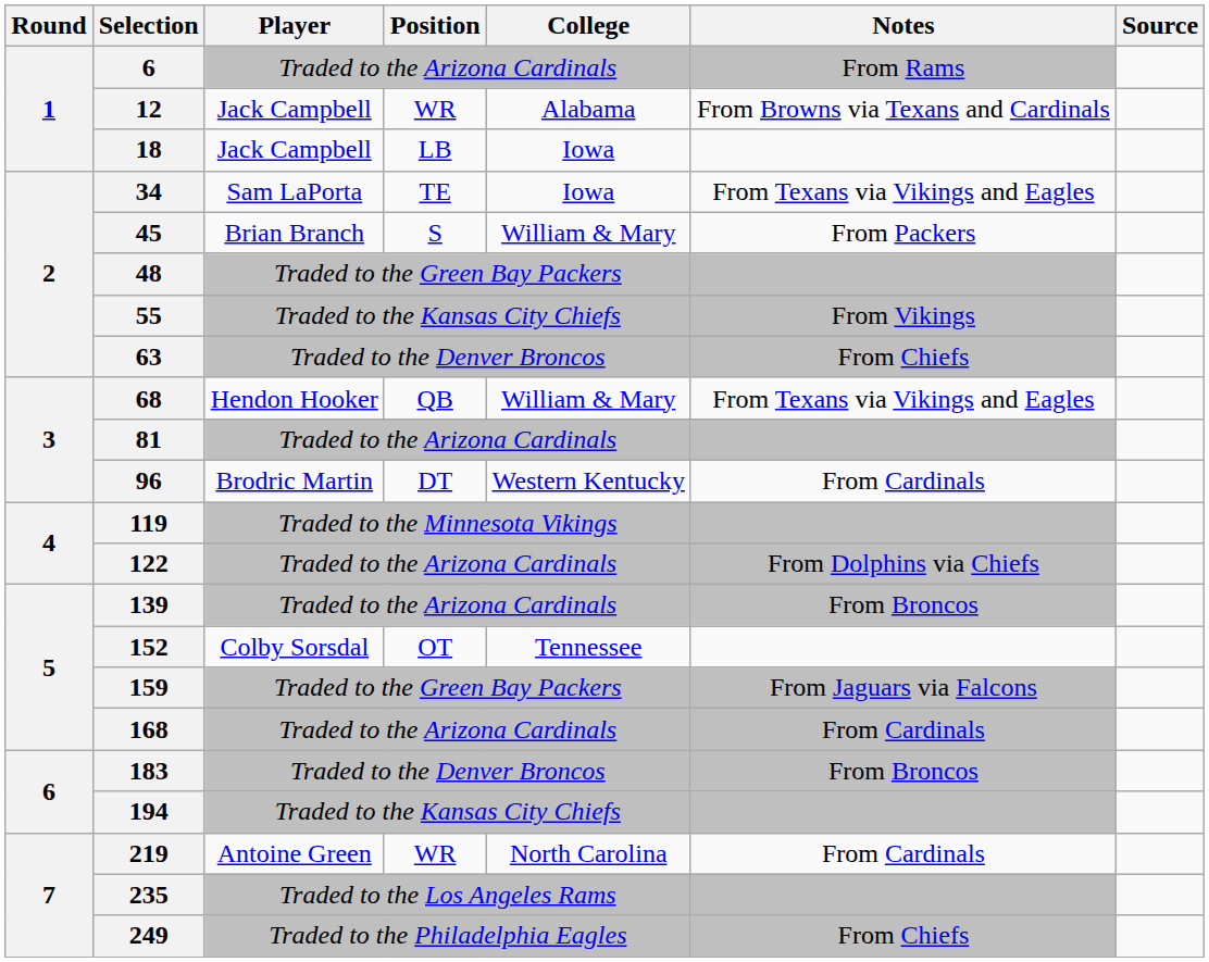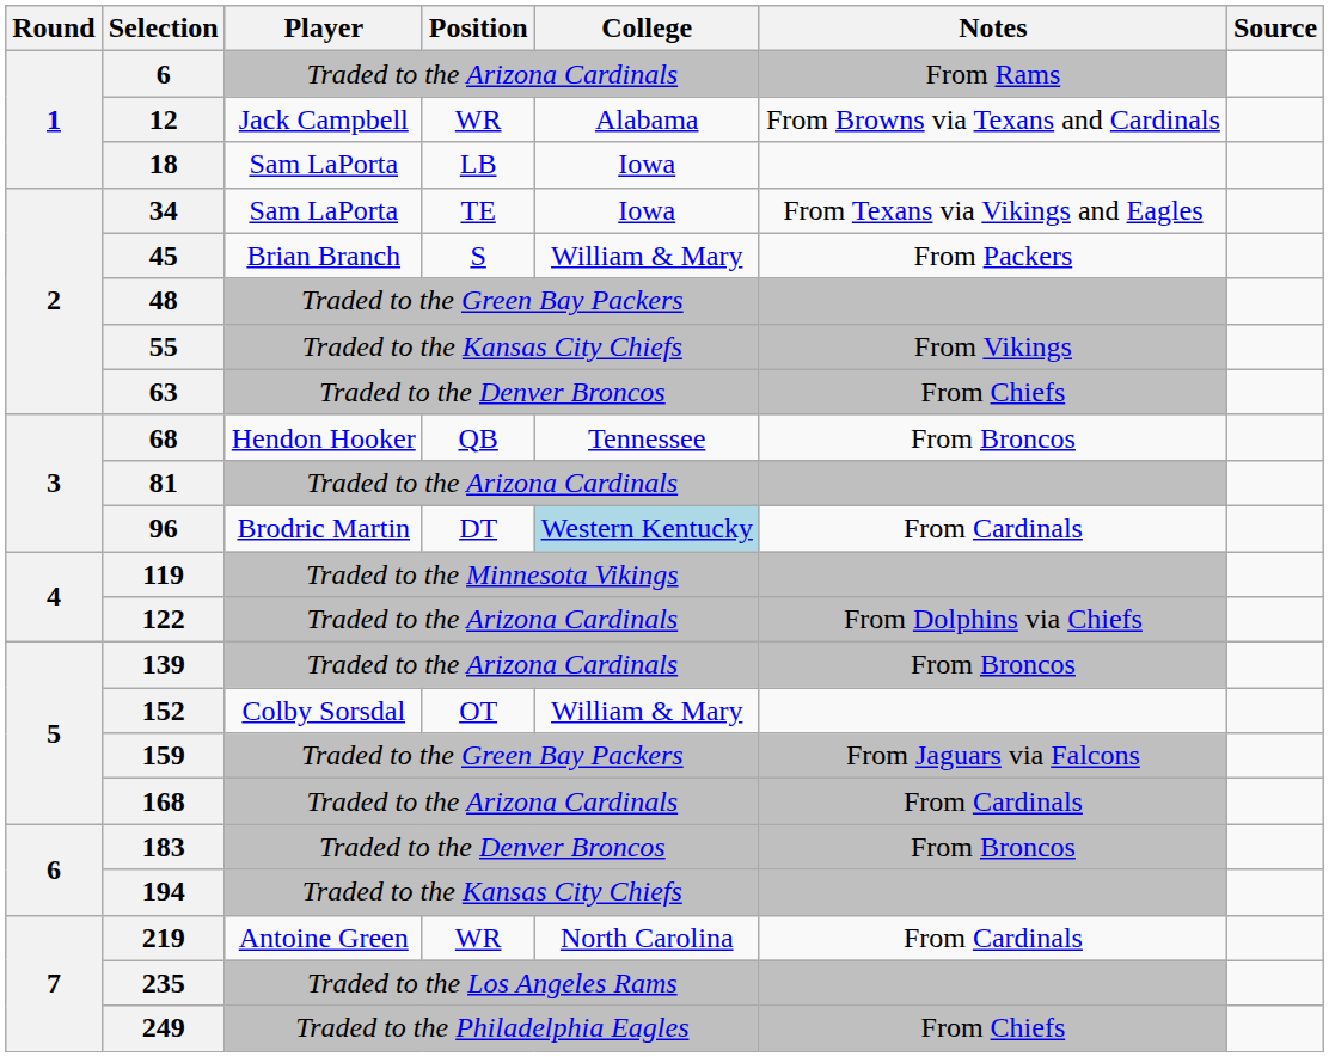 <table class="wikitable" style="text-align:center">
 <tr>
 <th>Round</th>
 <th>Selection</th>
 <th>Player</th>
 <th>Position</th>
 <th>College</th>
 <th>Notes</th>
 <th>Source</th>
 </tr>
 <tr>
 <th rowspan="3"><a href='#'>1</a></th>
 <th>6</th>
 <td colspan="3" style="background:#BFBFBF"><em>Traded to the <a href='#'>Arizona Cardinals</a></em></td>
 <td style="background:#BFBFBF">From <a href='#'>Rams</a></td>
 <td></td>
 </tr>
 <tr>
 <th>12</th>
 <td><a href='#'>Jack Campbell</a></td>
 <td><a href='#'>WR</a></td>
 <td><a href='#'>Alabama</a></td>
 <td>From <a href='#'>Browns</a> via <a href='#'>Texans</a> and <a href='#'>Cardinals</a></td>
 <td></td>
 </tr>
 <tr>
 <th>18</th>
-<td><a href='#'>Jack Campbell</a></td>
+<td><a href='#'>Sam LaPorta</a></td>
 <td><a href='#'>LB</a></td>
 <td><a href='#'>Iowa</a></td>
 <td></td>
 <td></td>
 </tr>
 <tr>
 <th rowspan="5">2</th>
 <th>34</th>
 <td><a href='#'>Sam LaPorta</a></td>
 <td><a href='#'>TE</a></td>
 <td><a href='#'>Iowa</a></td>
 <td>From <a href='#'>Texans</a> via <a href='#'>Vikings</a> and <a href='#'>Eagles</a></td>
 <td></td>
 </tr>
 <tr>
 <th>45</th>
 <td><a href='#'>Brian Branch</a></td>
 <td><a href='#'>S</a></td>
 <td><a href='#'>William & Mary</a></td>
 <td>From <a href='#'>Packers</a></td>
 <td></td>
 </tr>
 <tr>
 <th>48</th>
 <td colspan="3" style="background:#BFBFBF"><em>Traded to the <a href='#'>Green Bay Packers</a></em></td>
 <td style="background:#BFBFBF"></td>
 <td></td>
 </tr>
 <tr>
 <th>55</th>
 <td colspan="3" style="background:#BFBFBF"><em>Traded to the <a href='#'>Kansas City Chiefs</a></em></td>
 <td style="background:#BFBFBF">From <a href='#'>Vikings</a></td>
 <td></td>
 </tr>
 <tr>
 <th>63</th>
 <td colspan="3" style="background:#BFBFBF"><em>Traded to the <a href='#'>Denver Broncos</a></em></td>
 <td style="background:#BFBFBF">From <a href='#'>Chiefs</a></td>
 <td></td>
 </tr>
 <tr>
 <th rowspan="3">3</th>
 <th>68</th>
 <td><a href='#'>Hendon Hooker</a></td>
 <td><a href='#'>QB</a></td>
-<td><a href='#'>William & Mary</a></td>
-<td>From <a href='#'>Texans</a> via <a href='#'>Vikings</a> and <a href='#'>Eagles</a></td>
+<td><a href='#'>Tennessee</a></td>
+<td>From <a href='#'>Broncos</a></td>
 <td></td>
 </tr>
 <tr>
 <th>81</th>
 <td colspan="3" style="background:#BFBFBF"><em>Traded to the <a href='#'>Arizona Cardinals</a></em></td>
 <td style="background:#BFBFBF"></td>
 <td></td>
 </tr>
 <tr>
 <th>96</th>
 <td><a href='#'>Brodric Martin</a></td>
 <td><a href='#'>DT</a></td>
-<td><a href='#'>Western Kentucky</a></td>
+<td style="background: lightblue;"><a href='#'>Western Kentucky</a></td>
 <td>From <a href='#'>Cardinals</a></td>
 <td></td>
 </tr>
 <tr>
 <th rowspan="2">4</th>
 <th>119</th>
 <td colspan="3" style="background:#BFBFBF"><em>Traded to the <a href='#'>Minnesota Vikings</a></em></td>
 <td style="background:#BFBFBF"></td>
 <td></td>
 </tr>
 <tr>
 <th>122</th>
 <td colspan="3" style="background:#BFBFBF"><em>Traded to the <a href='#'>Arizona Cardinals</a></em></td>
 <td style="background:#BFBFBF">From <a href='#'>Dolphins</a> via <a href='#'>Chiefs</a></td>
 <td></td>
 </tr>
 <tr>
 <th rowspan="4">5</th>
 <th>139</th>
 <td colspan="3" style="background:#BFBFBF"><em>Traded to the <a href='#'>Arizona Cardinals</a></em></td>
 <td style="background:#BFBFBF">From <a href='#'>Broncos</a></td>
 <td></td>
 </tr>
 <tr>
 <th>152</th>
 <td><a href='#'>Colby Sorsdal</a></td>
 <td><a href='#'>OT</a></td>
-<td><a href='#'>Tennessee</a></td>
+<td><a href='#'>William & Mary</a></td>
 <td></td>
 <td></td>
 </tr>
 <tr>
 <th>159</th>
 <td colspan="3" style="background:#BFBFBF"><em>Traded to the <a href='#'>Green Bay Packers</a></em></td>
 <td style="background:#BFBFBF">From <a href='#'>Jaguars</a> via <a href='#'>Falcons</a></td>
 <td></td>
 </tr>
 <tr>
 <th>168</th>
 <td colspan="3" style="background:#BFBFBF"><em>Traded to the <a href='#'>Arizona Cardinals</a></em></td>
 <td style="background:#BFBFBF">From <a href='#'>Cardinals</a></td>
 <td></td>
 </tr>
 <tr>
 <th rowspan="2">6</th>
 <th>183</th>
 <td colspan="3" style="background:#BFBFBF"><em>Traded to the <a href='#'>Denver Broncos</a></em></td>
 <td style="background:#BFBFBF">From <a href='#'>Broncos</a></td>
 <td></td>
 </tr>
 <tr>
 <th>194</th>
 <td colspan="3" style="background:#BFBFBF"><em>Traded to the <a href='#'>Kansas City Chiefs</a></em></td>
 <td style="background:#BFBFBF"></td>
 <td></td>
 </tr>
 <tr>
 <th rowspan="3">7</th>
 <th>219</th>
 <td><a href='#'>Antoine Green</a></td>
 <td><a href='#'>WR</a></td>
 <td><a href='#'>North Carolina</a></td>
 <td>From <a href='#'>Cardinals</a></td>
 <td></td>
 </tr>
 <tr>
 <th>235</th>
 <td colspan="3" style="background:#BFBFBF"><em>Traded to the <a href='#'>Los Angeles Rams</a></em></td>
 <td style="background:#BFBFBF"></td>
 <td></td>
 </tr>
 <tr>
 <th>249</th>
 <td colspan="3" style="background:#BFBFBF"><em>Traded to the <a href='#'>Philadelphia Eagles</a></em></td>
 <td style="background:#BFBFBF">From <a href='#'>Chiefs</a></td>
 <td></td>
 </tr>
 </table>
